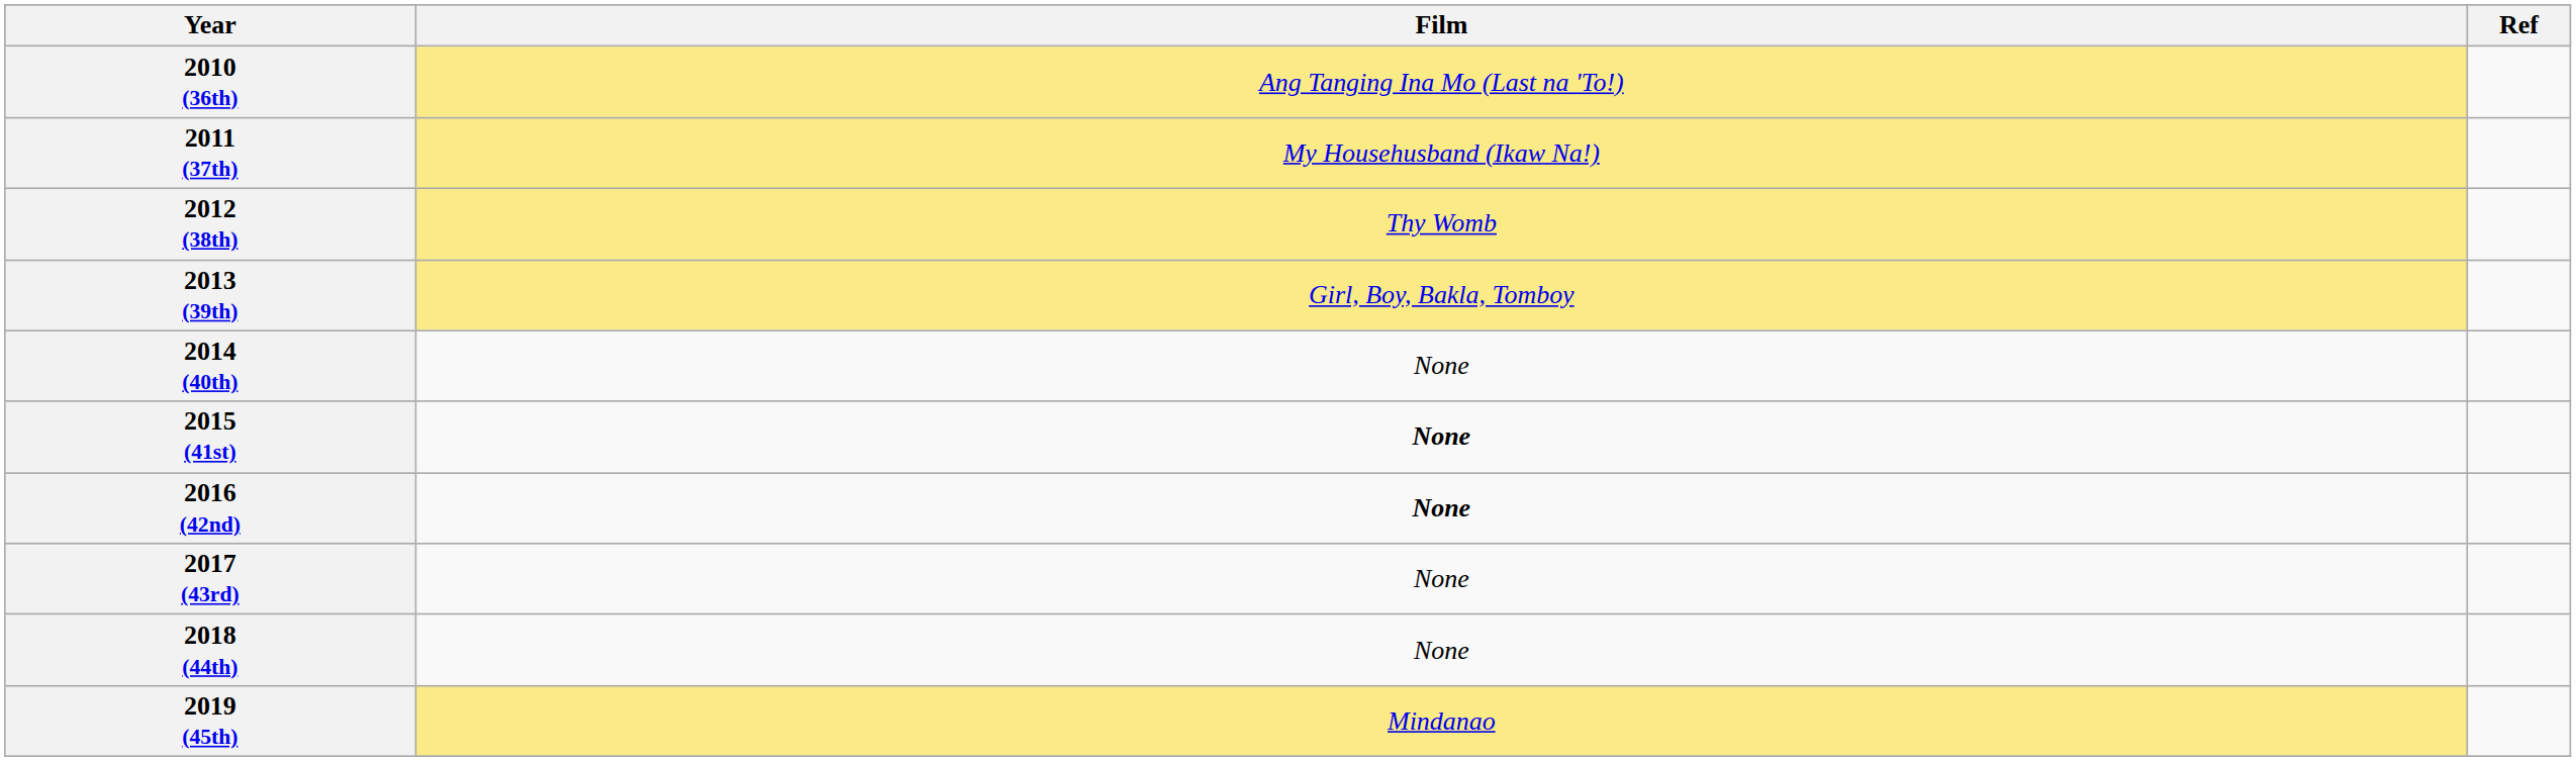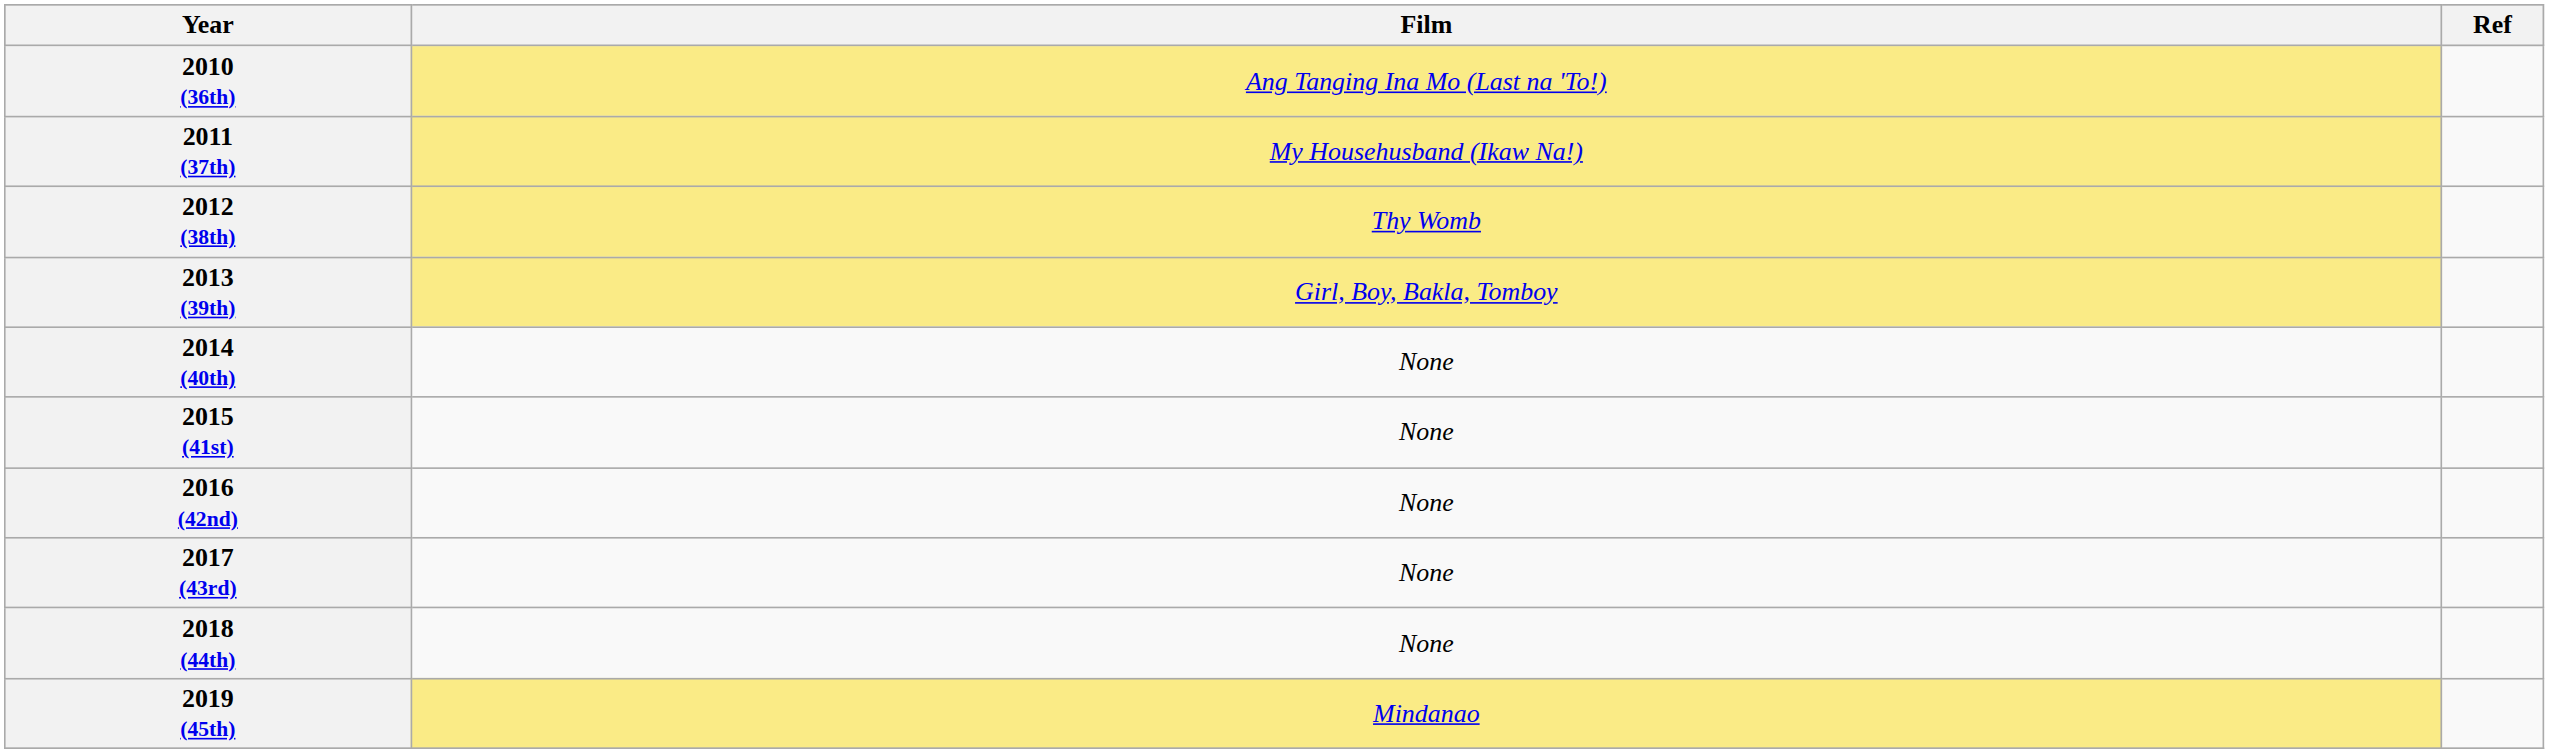 <table class="wikitable" style="text-align:center;">
 <tr style="background:#bebebe;">
 <th scope="col" style="width:8%;">Year</th>
 <th scope="col" style="width:40%;">Film</th>
 <th scope="col" style="width:2%;">Ref</th>
 </tr>
 <tr>
 <th scope="row" style="text-align:center">2010 <br><small><a href='#'>(36th)</a> </small></th>
 <td style="background:#FAEB86"><em><a href='#'>Ang Tanging Ina Mo (Last na 'To!)</a></em></td>
 <td></td>
 </tr>
 <tr>
 <th scope="row" style="text-align:center">2011 <br><small><a href='#'>(37th)</a> </small></th>
 <td style="background:#FAEB86"><em><a href='#'>My Househusband (Ikaw Na!)</a></em></td>
 <td></td>
 </tr>
 <tr>
 <th scope="row" style="text-align:center">2012 <br><small><a href='#'>(38th)</a> </small></th>
 <td style="background:#FAEB86"><em><a href='#'>Thy Womb</a></em></td>
 <td></td>
 </tr>
 <tr>
 <th scope="row" style="text-align:center">2013 <br><small><a href='#'>(39th)</a> </small></th>
 <td style="background:#FAEB86"><em><a href='#'>Girl, Boy, Bakla, Tomboy</a></em></td>
 <td></td>
 </tr>
 <tr>
 <th scope="row" style="text-align:center">2014 <br><small><a href='#'>(40th)</a> </small></th>
 <td><em>None</em></td>
 <td></td>
 </tr>
 <tr>
 <th scope="row" style="text-align:center">2015 <br><small><a href='#'>(41st)</a> </small></th>
-<td><strong><em>None</em></strong></td>
+<td><em>None</em></td>
 <td></td>
 </tr>
 <tr>
 <th scope="row" style="text-align:center">2016 <br><small><a href='#'>(42nd)</a> </small></th>
-<td><strong><em>None</em></strong></td>
+<td><em>None</em></td>
 <td></td>
 </tr>
 <tr>
 <th scope="row" style="text-align:center">2017 <br><small><a href='#'>(43rd)</a> </small></th>
 <td><em>None</em></td>
 <td></td>
 </tr>
 <tr>
 <th scope="row" style="text-align:center">2018 <br><small><a href='#'>(44th)</a> </small></th>
 <td><em>None</em></td>
 <td></td>
 </tr>
 <tr>
 <th scope="row" style="text-align:center">2019 <br><small><a href='#'>(45th)</a> </small></th>
 <td style="background:#FAEB86"><em><a href='#'>Mindanao</a></em></td>
 <td></td>
 </tr>
 <tr>
 </tr>
 </table>
